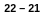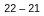 <table style="text-align:center">
 <tr>
 <th width=200></th>
 <th width=100></th>
 <th width=200></th>
 </tr>
 <tr>
 <td align=right><strong></strong></td>
-<td><strong>22 – 21</strong></td>
+<td>22 – 21</td>
 <td align=left></td>
 </tr>
 </table>
